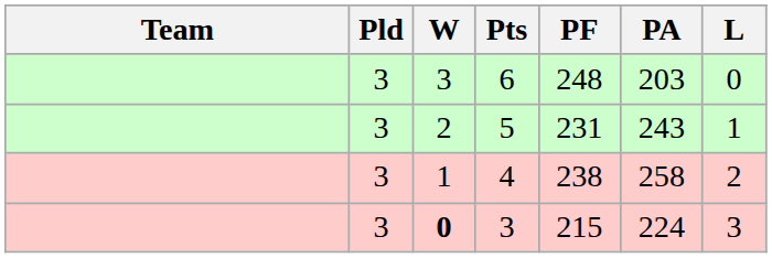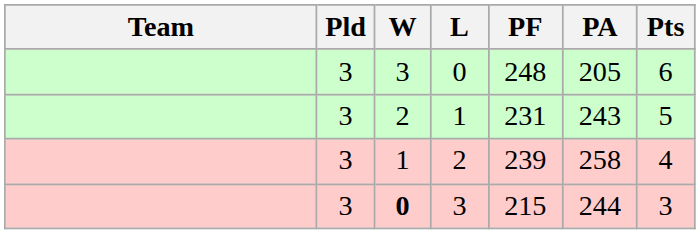 <table class="wikitable" style="text-align:center;">
 <tr>
 <th width=170>Team</th>
 <th width=25>Pld</th>
 <th width=25>W</th>
-<th width=25>Pts</th>
+<th width=25>L</th>
 <th width=35>PF</th>
 <th width=35>PA</th>
-<th width=25>L</th>
+<th width=25>Pts</th>
 </tr>
 <tr bgcolor=#ccffcc>
 <td align="left"></td>
 <td>3</td>
 <td>3</td>
+<td>0</td>
+<td>248</td>
+<td>205</td>
 <td>6</td>
-<td>248</td>
-<td>203</td>
-<td>0</td>
 </tr>
 <tr bgcolor=#ccffcc>
 <td align="left"></td>
 <td>3</td>
 <td>2</td>
-<td>5</td>
+<td>1</td>
 <td>231</td>
 <td>243</td>
-<td>1</td>
+<td>5</td>
 </tr>
 <tr bgcolor=#ffcccc>
 <td align="left"></td>
 <td>3</td>
 <td>1</td>
+<td>2</td>
+<td>239</td>
+<td>258</td>
 <td>4</td>
-<td>238</td>
-<td>258</td>
-<td>2</td>
 </tr>
 <tr bgcolor=#ffcccc>
 <td align="left"></td>
 <td>3</td>
 <td><strong>0</strong></td>
 <td>3</td>
 <td>215</td>
-<td>224</td>
+<td>244</td>
 <td>3</td>
 </tr>
 </table>
